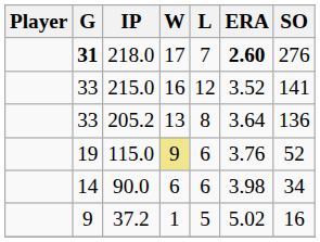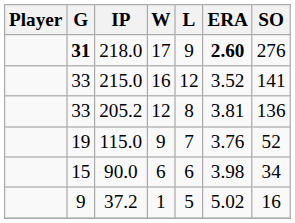 <table class="wikitable sortable">
 <tr>
 <th>Player</th>
 <th>G</th>
 <th>IP</th>
 <th>W</th>
 <th>L</th>
 <th>ERA</th>
 <th>SO</th>
 </tr>
 <tr align="center">
 <td></td>
 <td><strong>31</strong></td>
 <td>218.0</td>
 <td>17</td>
-<td>7</td>
+<td>9</td>
 <td><strong>2.60</strong></td>
 <td>276</td>
 </tr>
 <tr align="center">
 <td></td>
 <td>33</td>
 <td>215.0</td>
 <td>16</td>
 <td>12</td>
 <td>3.52</td>
 <td>141</td>
 </tr>
 <tr align="center">
 <td></td>
 <td>33</td>
 <td>205.2</td>
-<td>13</td>
+<td>12</td>
 <td>8</td>
-<td>3.64</td>
+<td>3.81</td>
 <td>136</td>
 </tr>
 <tr align="center">
 <td></td>
 <td>19</td>
 <td>115.0</td>
-<td style="background: khaki;">9</td>
-<td>6</td>
+<td>9</td>
+<td>7</td>
 <td>3.76</td>
 <td>52</td>
 </tr>
 <tr align="center">
 <td></td>
-<td>14</td>
+<td>15</td>
 <td>90.0</td>
 <td>6</td>
 <td>6</td>
 <td>3.98</td>
 <td>34</td>
 </tr>
 <tr align="center">
 <td></td>
 <td>9</td>
 <td>37.2</td>
 <td>1</td>
 <td>5</td>
 <td>5.02</td>
 <td>16</td>
 </tr>
 <tr align="center">
 </tr>
 </table>
